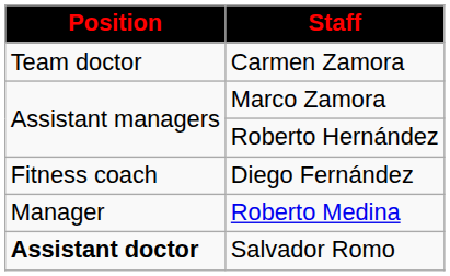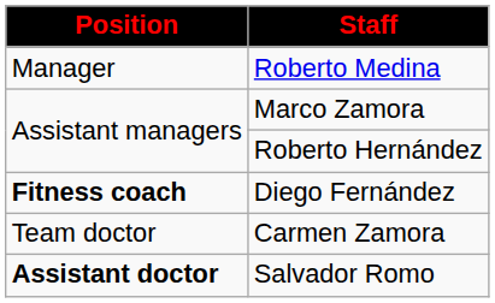 <table class="wikitable">
 <tr>
 <th style=background-color:black;color:red>Position</th>
 <th style=background-color:black;color:red>Staff</th>
 </tr>
 <tr>
-<td>Team doctor</td>
-<td> Carmen Zamora</td>
+<td>Manager</td>
+<td> <a href='#'>Roberto Medina</a></td>
 </tr>
 <tr>
 <td rowspan="2">Assistant managers</td>
 <td> Marco Zamora</td>
 </tr>
 <tr>
 <td> Roberto Hernández</td>
 </tr>
 <tr>
-<td>Fitness coach</td>
+<td><strong>Fitness coach</strong></td>
 <td> Diego Fernández</td>
 </tr>
 <tr>
-<td>Manager</td>
-<td> <a href='#'>Roberto Medina</a></td>
+<td>Team doctor</td>
+<td> Carmen Zamora</td>
 </tr>
 <tr>
 <td><strong>Assistant doctor</strong></td>
 <td> Salvador Romo</td>
 </tr>
 </table>
